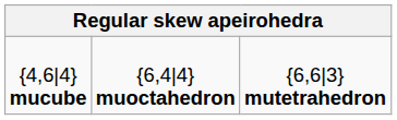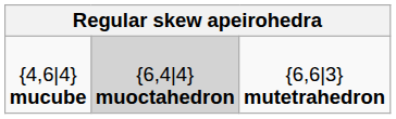 <table class="wikitable">
 <tr>
 <th colspan=3>Regular skew apeirohedra</th>
 </tr>
 <tr>
 <td align=center><br>{4,6|4}<br><strong>mucube</strong></td>
-<td align=center><br>{6,4|4}<br><strong>muoctahedron</strong></td>
+<td align=center style="background: lightgrey;"><br>{6,4|4}<br><strong>muoctahedron</strong></td>
 <td align=center><br>{6,6|3}<br><strong>mutetrahedron</strong></td>
 </tr>
 </table>
